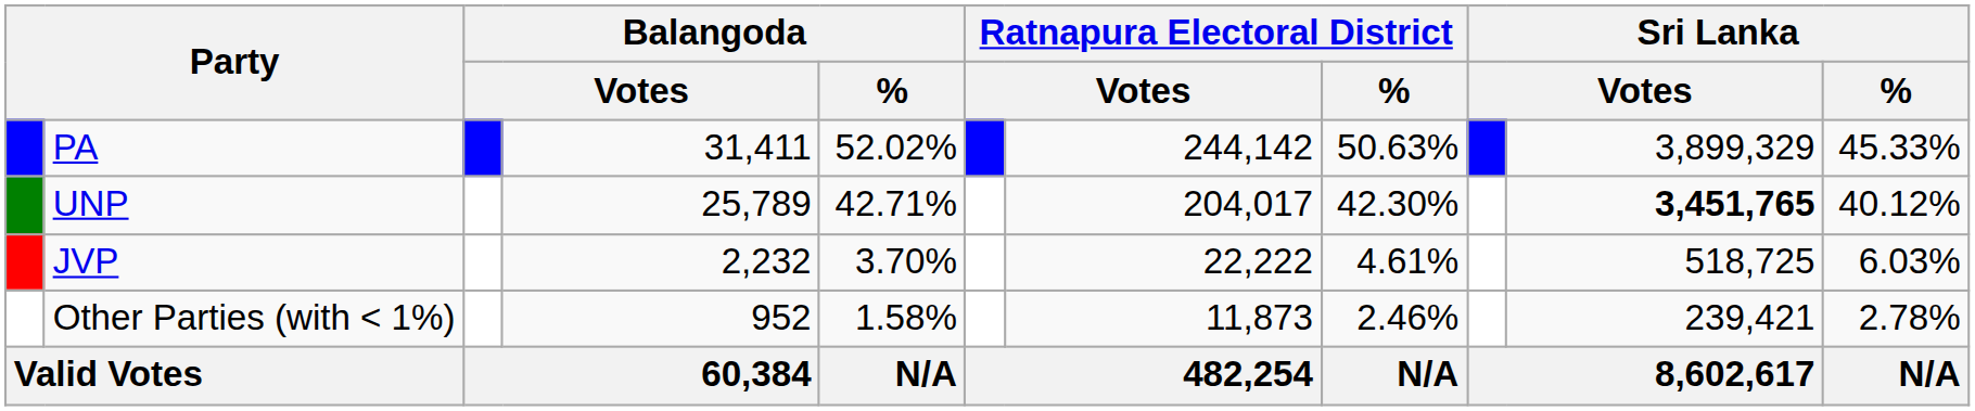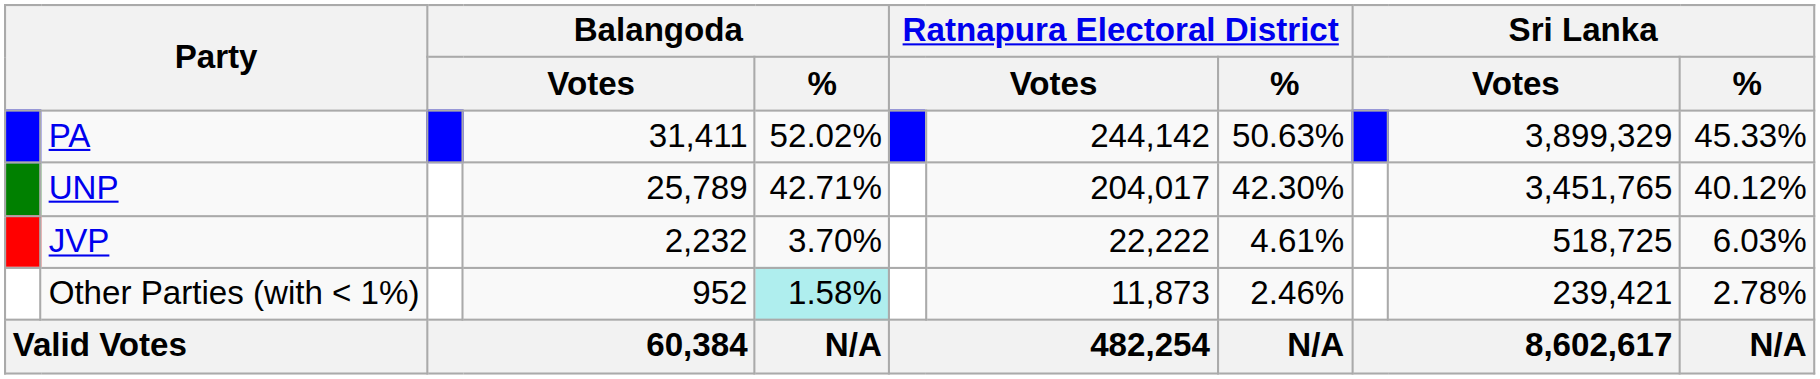 <table class="wikitable">
 <tr>
 <th colspan="2" width="144px"rowspan="2">Party</th>
 <th colspan="3" width="216px">Balangoda</th>
 <th colspan="3" width="216px"><a href='#'>Ratnapura Electoral District</a></th>
 <th colspan="3" width="216px">Sri Lanka</th>
 </tr>
 <tr>
 <th colspan="2" width="144px">Votes</th>
 <th>%</th>
 <th colspan="2" width="144px">Votes</th>
 <th>%</th>
 <th colspan="2" width="144px">Votes</th>
 <th>%</th>
 </tr>
 <tr>
 <td style="background-color:blue;" width="10px"></td>
 <td style="text-align:left;"><a href='#'>PA</a></td>
 <td style="background-color:blue;" width="10px"></td>
 <td style="text-align:right;">31,411</td>
 <td style="text-align:right;">52.02%</td>
 <td style="background-color:blue;" width="10px"></td>
 <td style="text-align:right;">244,142</td>
 <td style="text-align:right;">50.63%</td>
 <td style="background-color:blue;" width="10px"></td>
 <td style="text-align:right;">3,899,329</td>
 <td style="text-align:right;">45.33%</td>
 </tr>
 <tr>
 <td style="background-color:green;" width="10px"></td>
 <td style="text-align:left;"><a href='#'>UNP</a></td>
 <td style="background-color:white;" width="10px"></td>
 <td style="text-align:right;">25,789</td>
 <td style="text-align:right;">42.71%</td>
 <td style="background-color:white;" width="10px"></td>
 <td style="text-align:right;">204,017</td>
 <td style="text-align:right;">42.30%</td>
 <td style="background-color:white;" width="10px"></td>
-<td style="text-align:right;"><strong>3,451,765</strong></td>
+<td style="text-align:right;">3,451,765</td>
 <td style="text-align:right;">40.12%</td>
 </tr>
 <tr>
 <td style="background-color:red;" width="10px"></td>
 <td style="text-align:left;"><a href='#'>JVP</a></td>
 <td style="background-color:white;" width="10px"></td>
 <td style="text-align:right;">2,232</td>
 <td style="text-align:right;">3.70%</td>
 <td style="background-color:white;" width="10px"></td>
 <td style="text-align:right;">22,222</td>
 <td style="text-align:right;">4.61%</td>
 <td style="background-color:white;" width="10px"></td>
 <td style="text-align:right;">518,725</td>
 <td style="text-align:right;">6.03%</td>
 </tr>
 <tr>
 <td style="background-color:white;" width="10px"></td>
 <td style="text-align:left;">Other Parties (with < 1%)</td>
 <td style="background-color:white;" width="10px"></td>
 <td style="text-align:right;">952</td>
-<td style="text-align:right;">1.58%</td>
+<td style="background: paleturquoise; text-align:right;">1.58%</td>
 <td style="background-color:white;" width="10px"></td>
 <td style="text-align:right;">11,873</td>
 <td style="text-align:right;">2.46%</td>
 <td style="background-color:white;" width="10px"></td>
 <td style="text-align:right;">239,421</td>
 <td style="text-align:right;">2.78%</td>
 </tr>
 <tr>
 <th colspan="2" width="144px"style="text-align:left;">Valid Votes</th>
 <th style="text-align:right;"colspan="2" width="144px">60,384</th>
 <th style="text-align:right;">N/A</th>
 <th style="text-align:right;"colspan="2" width="144px">482,254</th>
 <th style="text-align:right;">N/A</th>
 <th style="text-align:right;"colspan="2" width="144px">8,602,617</th>
 <th style="text-align:right;">N/A</th>
 </tr>
 </table>
